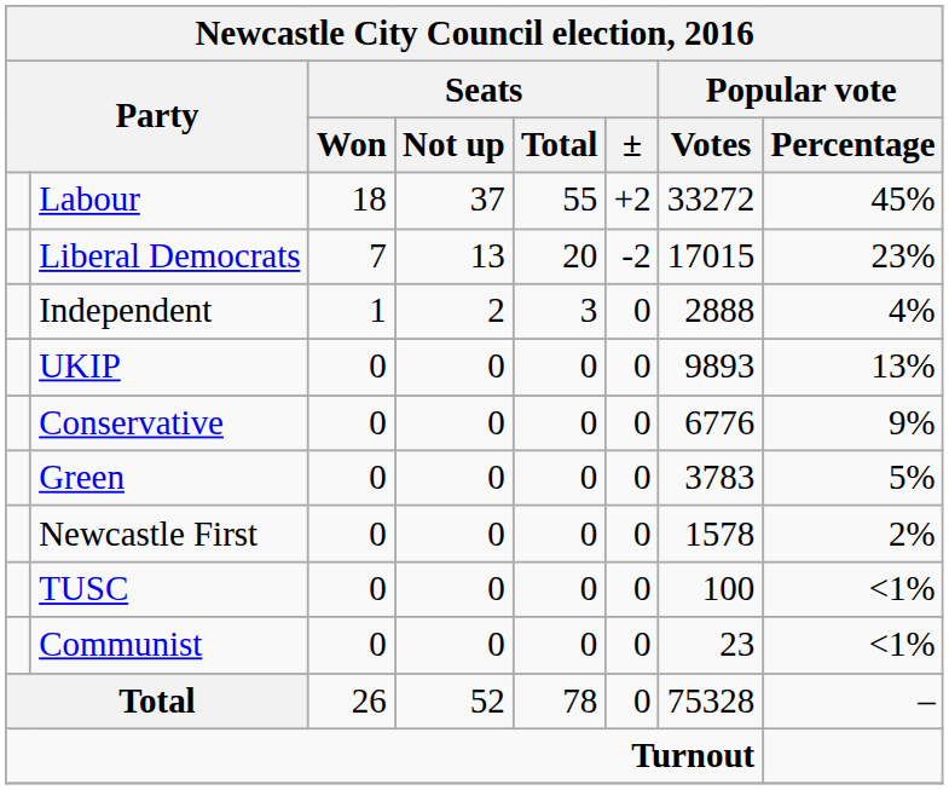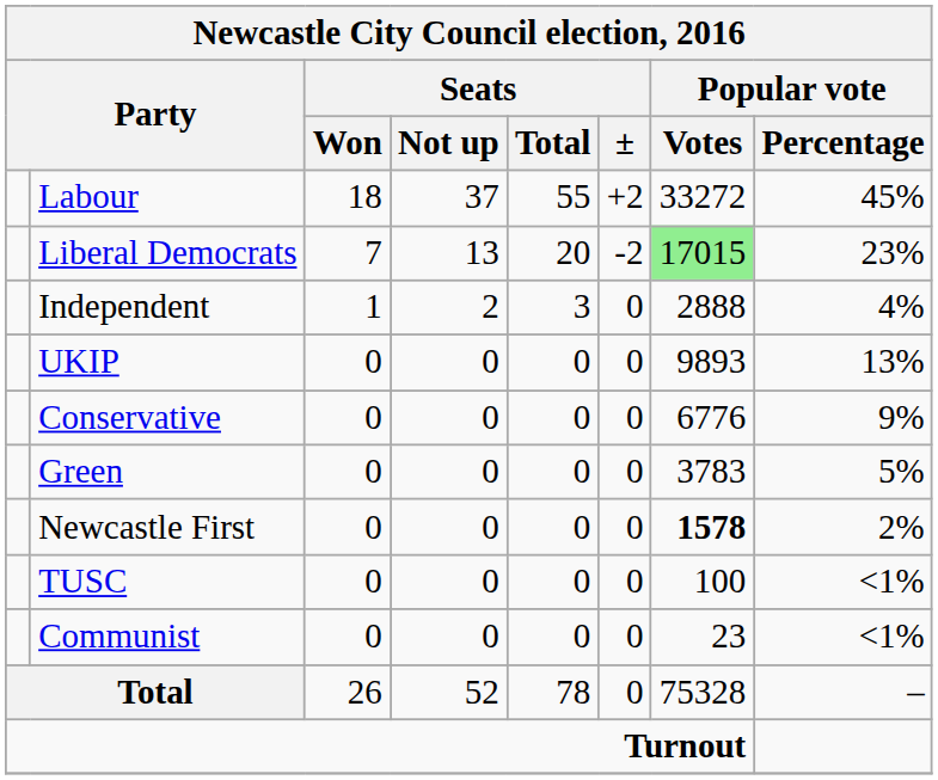 <table class="wikitable">
 <tr>
 <th colspan="8"><strong>Newcastle City Council election, 2016</strong></th>
 </tr>
 <tr>
 <th rowspan="2" colspan="2">Party</th>
 <th colspan="4">Seats</th>
 <th colspan="2">Popular vote</th>
 </tr>
 <tr>
 <th>Won</th>
 <th>Not up</th>
 <th>Total</th>
 <th>±</th>
 <th>Votes</th>
 <th>Percentage</th>
 </tr>
 <tr>
 <td style="background-color: "> </td>
 <td><a href='#'>Labour</a></td>
 <td align=right>18</td>
 <td align=right>37</td>
 <td align=right>55</td>
 <td align=right>+2</td>
 <td align=right>33272</td>
 <td align=right>45%</td>
 </tr>
 <tr>
 <td style="background-color: "> </td>
 <td><a href='#'>Liberal Democrats</a></td>
 <td align=right>7</td>
 <td align=right>13</td>
 <td align=right>20</td>
 <td align=right>-2</td>
-<td align=right>17015</td>
+<td align=right style="background: lightgreen;">17015</td>
 <td align=right>23%</td>
 </tr>
 <tr>
 <td style="background-color: "> </td>
 <td>Independent</td>
 <td align=right>1</td>
 <td align=right>2</td>
 <td align=right>3</td>
 <td align=right>0</td>
 <td align=right>2888</td>
 <td align=right>4%</td>
 </tr>
 <tr>
 <td style="background-color: "> </td>
 <td><a href='#'>UKIP</a></td>
 <td align=right>0</td>
 <td align=right>0</td>
 <td align=right>0</td>
 <td align=right>0</td>
 <td align=right>9893</td>
 <td align=right>13%</td>
 </tr>
 <tr>
 <td style="background-color: "> </td>
 <td><a href='#'>Conservative</a></td>
 <td align=right>0</td>
 <td align=right>0</td>
 <td align=right>0</td>
 <td align=right>0</td>
 <td align=right>6776</td>
 <td align=right>9%</td>
 </tr>
 <tr>
 <td style="background-color: "> </td>
 <td><a href='#'>Green</a></td>
 <td align=right>0</td>
 <td align=right>0</td>
 <td align=right>0</td>
 <td align=right>0</td>
 <td align=right>3783</td>
 <td align=right>5%</td>
 </tr>
 <tr>
 <td style="background-color: "> </td>
 <td>Newcastle First</td>
 <td align=right>0</td>
 <td align=right>0</td>
 <td align=right>0</td>
 <td align=right>0</td>
-<td align=right>1578</td>
+<td align=right><strong>1578</strong></td>
 <td align=right>2%</td>
 </tr>
 <tr>
 <td style="background-color: "> </td>
 <td><a href='#'>TUSC</a></td>
 <td align=right>0</td>
 <td align=right>0</td>
 <td align=right>0</td>
 <td align=right>0</td>
 <td align=right>100</td>
 <td align=right><1%</td>
 </tr>
 <tr>
 <td style="background-color: "> </td>
 <td><a href='#'>Communist</a></td>
 <td align=right>0</td>
 <td align=right>0</td>
 <td align=right>0</td>
 <td align=right>0</td>
 <td align=right>23</td>
 <td align=right><1%</td>
 </tr>
 <tr>
 <th colspan="2">Total</th>
 <td align=right>26</td>
 <td align=right>52</td>
 <td align=right>78</td>
 <td align=right>0</td>
 <td align=right>75328</td>
 <td align=right>–</td>
 </tr>
 <tr>
 <td colspan="7" align=right><strong>Turnout</strong></td>
 <td align=right></td>
 </tr>
 <tr>
 </tr>
 </table>
